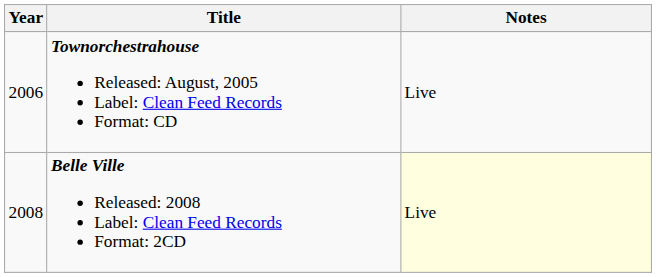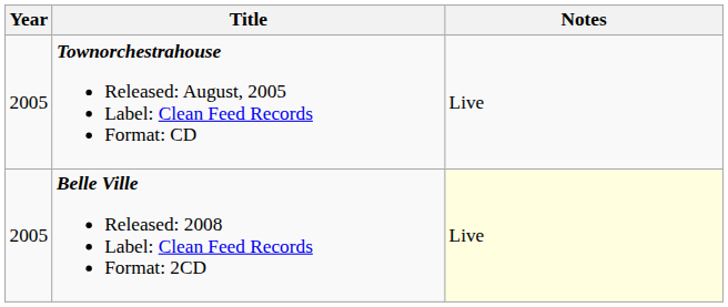 <table class="wikitable">
 <tr>
 <th>Year</th>
 <th style="width:225px;">Title</th>
 <th style="width:225px;">Notes</th>
 </tr>
 <tr>
-<td>2006</td>
+<td>2005</td>
 <td><strong><em>Townorchestrahouse</em></strong><br><ul><li>Released: August, 2005</li><li>Label: <a href='#'>Clean Feed Records</a> </li><li>Format: CD</li></ul></td>
 <td>Live</td>
 </tr>
 <tr>
-<td>2008</td>
+<td>2005</td>
 <td style="width:20em"><strong><em>Belle Ville</em></strong><br><ul><li>Released: 2008</li><li>Label: <a href='#'>Clean Feed Records</a> </li><li>Format: 2CD</li></ul></td>
 <td style="background: lightyellow;">Live</td>
 </tr>
 </table>
